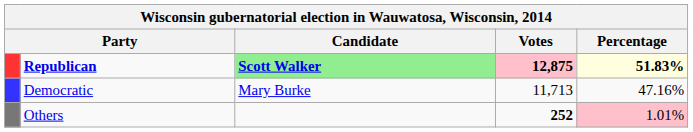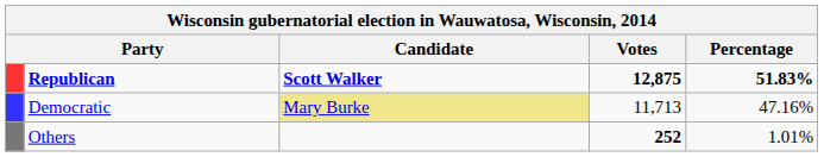 <table class="wikitable" style="font-size:95%;">
 <tr>
 <th colspan="7">Wisconsin gubernatorial election in Wauwatosa, Wisconsin, 2014</th>
 </tr>
 <tr>
 <th colspan="2" style="width: 15em">Party</th>
 <th style="width: 17em">Candidate</th>
 <th style="width: 5em">Votes</th>
 <th style="width: 7em">Percentage</th>
 </tr>
 <tr>
 <th style="background:#f33; width:3px;"></th>
 <td style="width: 130px"><strong><a href='#'>Republican</a></strong></td>
-<td style="background: lightgreen;"><strong><a href='#'>Scott Walker</a></strong></td>
-<td style="background: pink; text-align:right;"><strong>12,875</strong></td>
-<td style="background: lightyellow; text-align:right;"><strong>51.83%</strong></td>
+<td><strong><a href='#'>Scott Walker</a></strong></td>
+<td style="text-align:right;"><strong>12,875</strong></td>
+<td style="text-align:right;"><strong>51.83%</strong></td>
 </tr>
 <tr>
 <th style="background:#33f; width:3px;"></th>
 <td style="width: 130px"><a href='#'>Democratic</a></td>
-<td><a href='#'>Mary Burke</a></td>
+<td style="background: khaki;"><a href='#'>Mary Burke</a></td>
 <td style="text-align:right;">11,713</td>
 <td style="text-align:right;">47.16%</td>
 </tr>
 <tr>
 <th style="background:#777; width:3px;"></th>
 <td style="width: 130px"><a href='#'>Others</a></td>
 <td></td>
 <td style="text-align:right;"><strong>252</strong></td>
-<td style="background: pink; text-align:right;">1.01%</td>
+<td style="text-align:right;">1.01%</td>
 </tr>
 </table>
